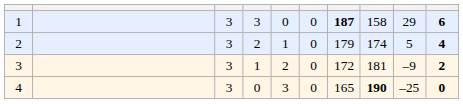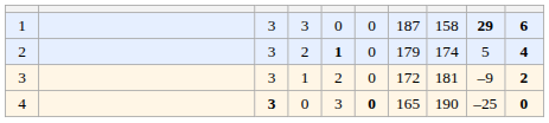 <table class="wikitable" style="text-align:center; font-size:95%">
 <tr>
 <th width="25"></th>
 <th width="200"></th>
 <th width="25"></th>
 <th width="25"></th>
 <th width="25"></th>
 <th width="25"></th>
 <th width="30"></th>
 <th width="30"></th>
 <th width="30"></th>
 <th width="30"></th>
 </tr>
 <tr style="background:#e6efff">
 <td>1</td>
 <td style="text-align:left"></td>
 <td>3</td>
 <td>3</td>
 <td>0</td>
 <td>0</td>
-<td><strong>187</strong></td>
+<td>187</td>
 <td>158</td>
-<td>29</td>
+<td><strong>29</strong></td>
 <td><strong>6</strong></td>
 </tr>
 <tr style="background:#e6efff">
 <td>2</td>
 <td style="text-align:left"></td>
 <td>3</td>
 <td>2</td>
-<td>1</td>
+<td><strong>1</strong></td>
 <td>0</td>
 <td>179</td>
 <td>174</td>
 <td>5</td>
 <td><strong>4</strong></td>
 </tr>
 <tr style="background:#fff6e6">
 <td>3</td>
 <td style="text-align:left"></td>
 <td>3</td>
 <td>1</td>
 <td>2</td>
 <td>0</td>
 <td>172</td>
 <td>181</td>
 <td>–9</td>
 <td><strong>2</strong></td>
 </tr>
 <tr style="background:#fff6e6">
 <td>4</td>
 <td style="text-align:left"></td>
-<td>3</td>
+<td><strong>3</strong></td>
 <td>0</td>
 <td>3</td>
-<td>0</td>
+<td><strong>0</strong></td>
 <td>165</td>
-<td><strong>190</strong></td>
+<td>190</td>
 <td>–25</td>
 <td><strong>0</strong></td>
 </tr>
 </table>
